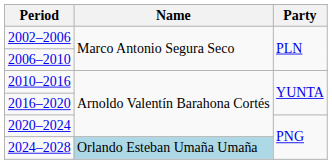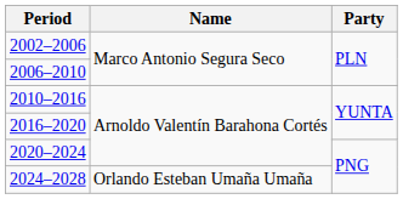 <table class="wikitable" style="margin:auto">
 <tr>
 <th>Period</th>
 <th>Name</th>
 <th>Party</th>
 </tr>
 <tr>
 <td><a href='#'>2002–2006</a></td>
 <td rowspan="2">Marco Antonio Segura Seco</td>
 <td rowspan="2"> <a href='#'>PLN</a></td>
 </tr>
 <tr>
 <td><a href='#'>2006–2010</a></td>
 </tr>
 <tr>
 <td><a href='#'>2010–2016</a></td>
 <td rowspan="3">Arnoldo Valentín Barahona Cortés</td>
 <td rowspan="2"> <a href='#'>YUNTA</a></td>
 </tr>
 <tr>
 <td><a href='#'>2016–2020</a></td>
 </tr>
 <tr>
 <td><a href='#'>2020–2024</a></td>
 <td rowspan="2"> <a href='#'>PNG</a></td>
 </tr>
 <tr>
 <td><a href='#'>2024–2028</a></td>
-<td style="background: lightblue;">Orlando Esteban Umaña Umaña</td>
+<td>Orlando Esteban Umaña Umaña</td>
 </tr>
 </table>
